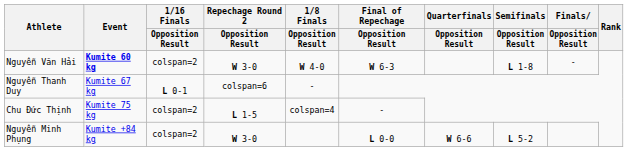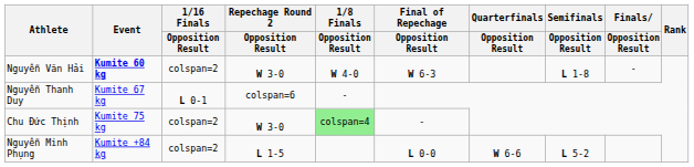 <table class=wikitable style="font-size:90%;text-align:center">
 <tr>
 <th rowspan="2">Athlete</th>
 <th rowspan="2">Event</th>
 <th>1/16 Finals</th>
 <th>Repechage Round 2</th>
 <th>1/8 Finals</th>
 <th>Final of Repechage</th>
 <th>Quarterfinals</th>
 <th>Semifinals</th>
 <th>Finals/</th>
 <th rowspan="2">Rank</th>
 </tr>
 <tr style="font-size:95%">
 <th>Opposition<br>Result</th>
 <th>Opposition<br>Result</th>
 <th>Opposition<br>Result</th>
 <th>Opposition<br>Result</th>
 <th>Opposition<br>Result</th>
 <th>Opposition<br>Result</th>
 <th>Opposition<br>Result</th>
 </tr>
 <tr>
 <td align=left>Nguyễn Văn Hải</td>
 <td align=left><strong><a href='#'>Kumite 60 kg</a></strong></td>
 <td>colspan=2</td>
 <td><br><strong>W</strong> 3-0</td>
 <td><br><strong>W</strong> 4-0</td>
 <td><br><strong>W</strong> 6-3</td>
 <td></td>
 <td><br><strong>L</strong> 1-8</td>
 <td>-</td>
 </tr>
 <tr>
 <td align=left>Nguyễn Thanh Duy</td>
 <td align=left><a href='#'>Kumite 67 kg</a></td>
 <td><br><strong>L</strong> 0-1</td>
 <td>colspan=6</td>
 <td>-</td>
 </tr>
 <tr>
 <td align=left>Chu Đức Thịnh</td>
 <td align=left><a href='#'>Kumite 75 kg</a></td>
 <td>colspan=2</td>
-<td><br><strong>L</strong> 1-5</td>
-<td>colspan=4</td>
+<td><br><strong>W</strong> 3-0</td>
+<td style="background: lightgreen;">colspan=4</td>
 <td>-</td>
 </tr>
 <tr>
 <td align=left>Nguyễn Minh Phụng</td>
 <td align=left><a href='#'>Kumite +84 kg</a></td>
 <td>colspan=2</td>
-<td><br><strong>W</strong> 3-0</td>
+<td><br><strong>L</strong> 1-5</td>
 <td></td>
 <td><br><strong>L</strong> 0-0</td>
 <td><br><strong>W</strong> 6-6</td>
 <td><br><strong>L</strong> 5-2</td>
 <td></td>
 </tr>
 </table>
